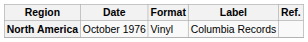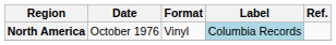 <table class="wikitable plainrowheaders">
 <tr>
 <th scope="col">Region</th>
 <th scope="col">Date</th>
 <th scope="col">Format</th>
 <th scope="col">Label</th>
 <th scope="col">Ref.</th>
 </tr>
 <tr>
 <th scope="row">North America</th>
 <td>October 1976</td>
 <td>Vinyl</td>
-<td>Columbia Records</td>
+<td style="background: lightblue;">Columbia Records</td>
 <td></td>
 </tr>
 <tr>
 </tr>
 </table>
